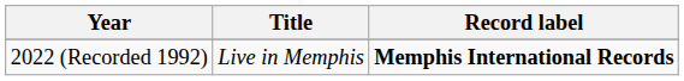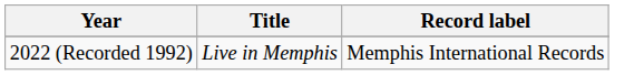 <table class="wikitable" style="text-align:center;">
 <tr>
 <th rowspan="1">Year</th>
 <th rowspan="1">Title</th>
 <th rowspan="1">Record label</th>
 </tr>
 <tr style="font-size:smaller;">
 </tr>
 <tr>
 <td rowspan="1">2022 (Recorded 1992)</td>
 <td align="left"><em>Live in Memphis</em></td>
-<td><strong>Memphis International Records</strong></td>
+<td>Memphis International Records</td>
 </tr>
 </table>
